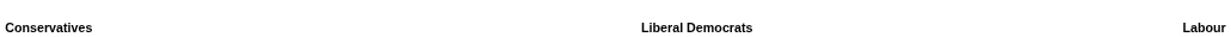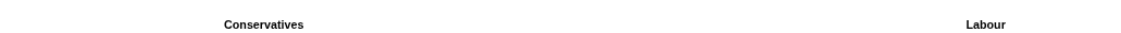 <table style="width:100%; text-align:center;">
 <tr style="color:white;">
 <td style="background:"><strong>40</strong></td>
-<td style="background:"><strong>9</strong></td>
 <td style="background:"><strong>5</strong></td>
 </tr>
 <tr>
 <td><span><strong>Conservatives</strong></span></td>
-<td><span><strong>Liberal Democrats</strong></span></td>
 <td><span><strong>Labour</strong></span></td>
 </tr>
 </table>
